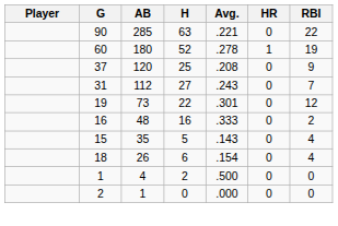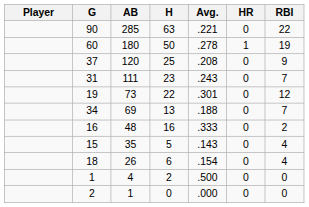 <table class="wikitable sortable">
 <tr>
 <th bgcolor="#DDDDFF" width="16%">Player</th>
 <th bgcolor="#DDDDFF" width="9%">G</th>
 <th bgcolor="#DDDDFF" width="9%">AB</th>
 <th bgcolor="#DDDDFF" width="9%">H</th>
 <th bgcolor="#DDDDFF" width="9%">Avg.</th>
 <th bgcolor="#DDDDFF" width="9%">HR</th>
 <th bgcolor="#DDDDFF" width="9%">RBI</th>
 </tr>
 <tr align="center">
 <td></td>
 <td>90</td>
 <td>285</td>
 <td>63</td>
 <td>.221</td>
 <td>0</td>
 <td>22</td>
 </tr>
 <tr align="center">
 <td></td>
 <td>60</td>
 <td>180</td>
-<td>52</td>
+<td>50</td>
 <td>.278</td>
 <td>1</td>
 <td>19</td>
 </tr>
 <tr align="center">
 <td></td>
 <td>37</td>
 <td>120</td>
 <td>25</td>
 <td>.208</td>
 <td>0</td>
 <td>9</td>
 </tr>
 <tr align="center">
 <td></td>
 <td>31</td>
-<td>112</td>
-<td>27</td>
+<td>111</td>
+<td>23</td>
 <td>.243</td>
 <td>0</td>
 <td>7</td>
 </tr>
 <tr align="center">
 <td></td>
 <td>19</td>
 <td>73</td>
 <td>22</td>
 <td>.301</td>
 <td>0</td>
 <td>12</td>
+</tr>
+<tr align=center>
+<td></td>
+<td>34</td>
+<td>69</td>
+<td>13</td>
+<td>.188</td>
+<td>0</td>
+<td>7</td>
 </tr>
 <tr align="center">
 <td></td>
 <td>16</td>
 <td>48</td>
 <td>16</td>
 <td>.333</td>
 <td>0</td>
 <td>2</td>
 </tr>
 <tr align="center">
 <td></td>
 <td>15</td>
 <td>35</td>
 <td>5</td>
 <td>.143</td>
 <td>0</td>
 <td>4</td>
 </tr>
 <tr align="center">
 <td></td>
 <td>18</td>
 <td>26</td>
 <td>6</td>
 <td>.154</td>
 <td>0</td>
 <td>4</td>
 </tr>
 <tr align="center">
 <td></td>
 <td>1</td>
 <td>4</td>
 <td>2</td>
 <td>.500</td>
 <td>0</td>
 <td>0</td>
 </tr>
 <tr align="center">
 <td></td>
 <td>2</td>
 <td>1</td>
 <td>0</td>
 <td>.000</td>
 <td>0</td>
 <td>0</td>
 </tr>
 </table>
